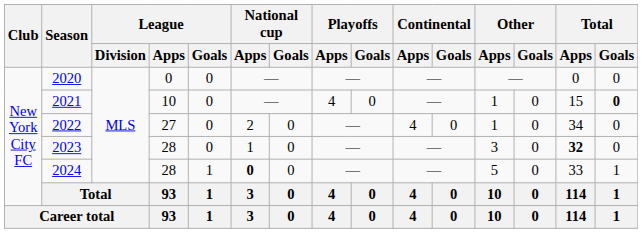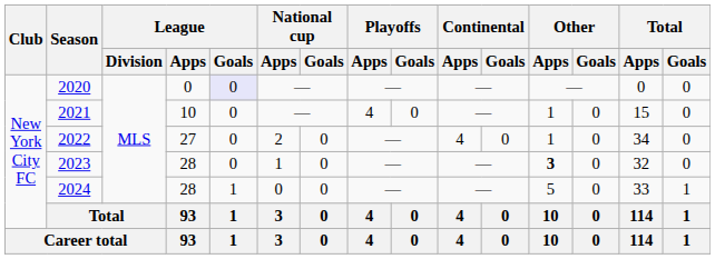 <table class="wikitable" style="text-align:center">
 <tr>
 <th rowspan="2">Club</th>
 <th rowspan="2">Season</th>
 <th colspan="3">League</th>
 <th colspan="2">National cup</th>
 <th colspan="2">Playoffs</th>
 <th colspan="2">Continental</th>
 <th colspan="2">Other</th>
 <th colspan="2">Total</th>
 </tr>
 <tr>
 <th>Division</th>
 <th>Apps</th>
 <th>Goals</th>
 <th>Apps</th>
 <th>Goals</th>
 <th>Apps</th>
 <th>Goals</th>
 <th>Apps</th>
 <th>Goals</th>
 <th>Apps</th>
 <th>Goals</th>
 <th>Apps</th>
 <th>Goals</th>
 </tr>
 <tr>
 <td rowspan="6"><a href='#'>New York City FC</a></td>
 <td><a href='#'>2020</a></td>
 <td rowspan="5"><a href='#'>MLS</a></td>
 <td>0</td>
-<td>0</td>
+<td style="background: lavender;">0</td>
 <td colspan="2">—</td>
 <td colspan="2">—</td>
 <td colspan="2">—</td>
 <td colspan="2">—</td>
 <td>0</td>
 <td>0</td>
 </tr>
 <tr>
 <td><a href='#'>2021</a></td>
 <td>10</td>
 <td>0</td>
 <td colspan="2">—</td>
 <td>4</td>
 <td>0</td>
 <td colspan="2">—</td>
 <td>1</td>
 <td>0</td>
 <td>15</td>
-<td><strong>0</strong></td>
+<td>0</td>
 </tr>
 <tr>
 <td><a href='#'>2022</a></td>
 <td>27</td>
 <td>0</td>
 <td>2</td>
 <td>0</td>
 <td colspan="2">—</td>
 <td>4</td>
 <td>0</td>
 <td>1</td>
 <td>0</td>
 <td>34</td>
 <td>0</td>
 </tr>
 <tr>
 <td><a href='#'>2023</a></td>
 <td>28</td>
 <td>0</td>
 <td>1</td>
 <td>0</td>
 <td colspan="2">—</td>
 <td colspan="2">—</td>
-<td>3</td>
+<td><strong>3</strong></td>
 <td>0</td>
-<td><strong>32</strong></td>
+<td>32</td>
 <td>0</td>
 </tr>
 <tr>
 <td><a href='#'>2024</a></td>
 <td>28</td>
 <td>1</td>
-<td><strong>0</strong></td>
+<td>0</td>
 <td>0</td>
 <td colspan="2">—</td>
 <td colspan="2">—</td>
 <td>5</td>
 <td>0</td>
 <td>33</td>
 <td>1</td>
 </tr>
 <tr>
 <th colspan="2">Total</th>
 <th>93</th>
 <th>1</th>
 <th>3</th>
 <th>0</th>
 <th>4</th>
 <th>0</th>
 <th>4</th>
 <th>0</th>
 <th>10</th>
 <th>0</th>
 <th>114</th>
 <th>1</th>
 </tr>
 <tr>
 <th colspan="3">Career total</th>
 <th>93</th>
 <th>1</th>
 <th>3</th>
 <th>0</th>
 <th>4</th>
 <th>0</th>
 <th>4</th>
 <th>0</th>
 <th>10</th>
 <th>0</th>
 <th>114</th>
 <th>1</th>
 </tr>
 </table>
